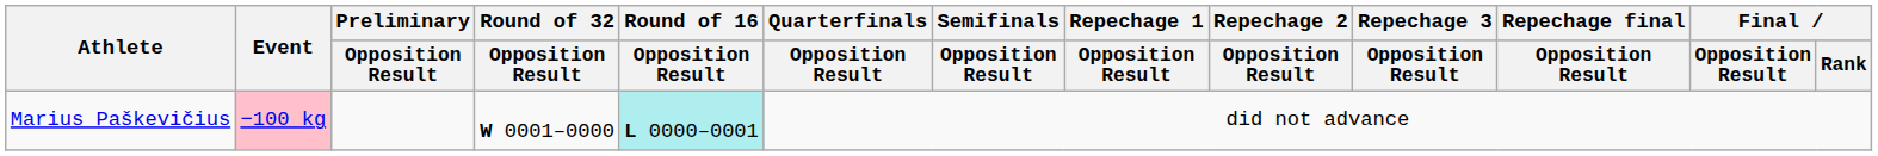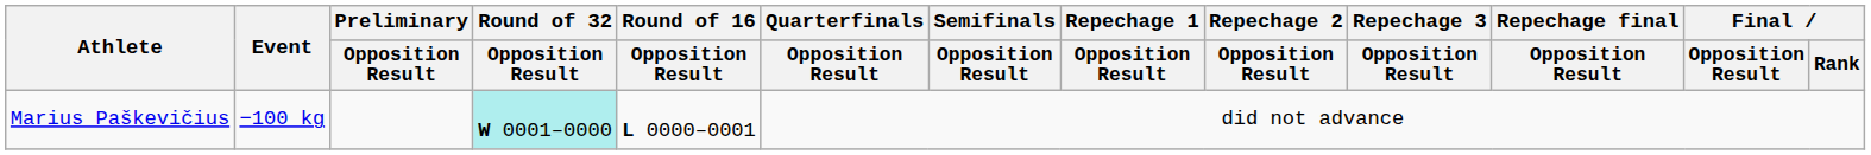 <table class="wikitable" style="font-size:90%">
 <tr>
 <th rowspan="2">Athlete</th>
 <th rowspan="2">Event</th>
 <th>Preliminary</th>
 <th>Round of 32</th>
 <th>Round of 16</th>
 <th>Quarterfinals</th>
 <th>Semifinals</th>
 <th>Repechage 1</th>
 <th>Repechage 2</th>
 <th>Repechage 3</th>
 <th>Repechage final</th>
 <th colspan=2>Final / </th>
 </tr>
 <tr style="font-size:95%">
 <th>Opposition<br>Result</th>
 <th>Opposition<br>Result</th>
 <th>Opposition<br>Result</th>
 <th>Opposition<br>Result</th>
 <th>Opposition<br>Result</th>
 <th>Opposition<br>Result</th>
 <th>Opposition<br>Result</th>
 <th>Opposition<br>Result</th>
 <th>Opposition<br>Result</th>
 <th>Opposition<br>Result</th>
 <th>Rank</th>
 </tr>
 <tr align=center>
 <td align=left><a href='#'>Marius Paškevičius</a></td>
-<td align=left style="background: pink;"><a href='#'>−100 kg</a></td>
+<td align=left><a href='#'>−100 kg</a></td>
 <td></td>
-<td><br><strong>W</strong> 0001–0000</td>
-<td style="background: paleturquoise;"><br><strong>L</strong> 0000–0001</td>
+<td style="background: paleturquoise;"><br><strong>W</strong> 0001–0000</td>
+<td><br><strong>L</strong> 0000–0001</td>
 <td colspan=8>did not advance</td>
 </tr>
 </table>
